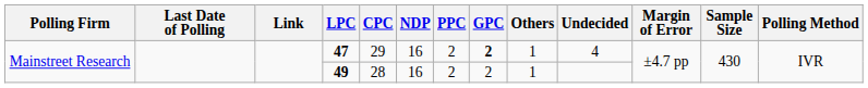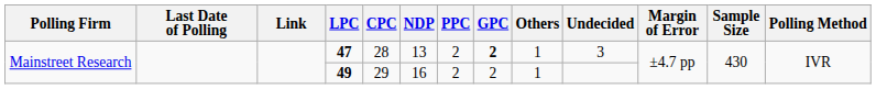 <table class="wikitable sortable" style="text-align:center;font-size:90%;line-height:14px;">
 <tr style="background:#e9e9e9;">
 <th style="width:120px">Polling Firm</th>
 <th style="width:110px">Last Date<br>of Polling</th>
 <th style="width:60px" class="unsortable">Link</th>
 <th style="background-color:"><a href='#'>LPC</a></th>
 <th style="background-color:"><a href='#'>CPC</a></th>
 <th style="background-color:"><a href='#'>NDP</a></th>
 <th style="background-color:"><a href='#'><span>PPC</span></a></th>
 <th style="background-color:"><a href='#'>GPC</a></th>
 <th style="background-color:">Others</th>
 <th style="background-color:">Undecided</th>
 <th style="width:60px;" class=unsortable>Margin<br>of Error</th>
 <th style="width:50px;" class=unsortable>Sample<br>Size</th>
 <th class=unsortable>Polling Method</th>
 </tr>
 <tr>
 <td rowspan="2"><a href='#'>Mainstreet Research</a></td>
 <td rowspan="2"></td>
 <td rowspan="2"></td>
 <td><strong>47</strong></td>
-<td>29</td>
-<td>16</td>
+<td>28</td>
+<td>13</td>
 <td>2</td>
 <td><strong>2</strong></td>
 <td>1</td>
-<td>4</td>
+<td>3</td>
 <td rowspan="2">±4.7 pp</td>
 <td rowspan="2">430</td>
 <td rowspan="2">IVR</td>
 </tr>
 <tr>
 <td><strong>49</strong></td>
-<td>28</td>
+<td>29</td>
 <td>16</td>
 <td>2</td>
 <td>2</td>
 <td>1</td>
 <td></td>
 </tr>
 </table>
